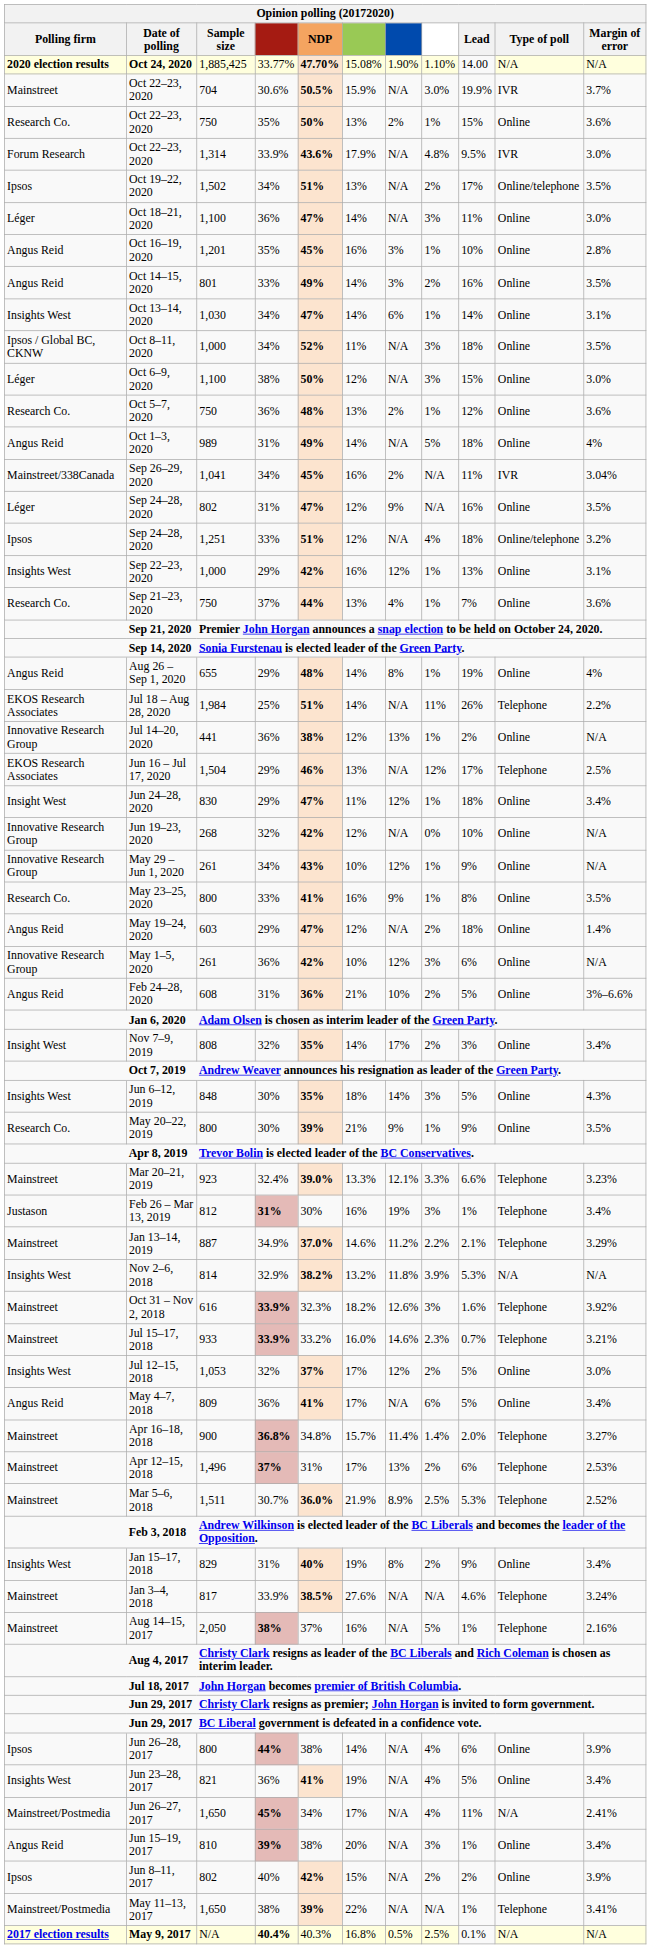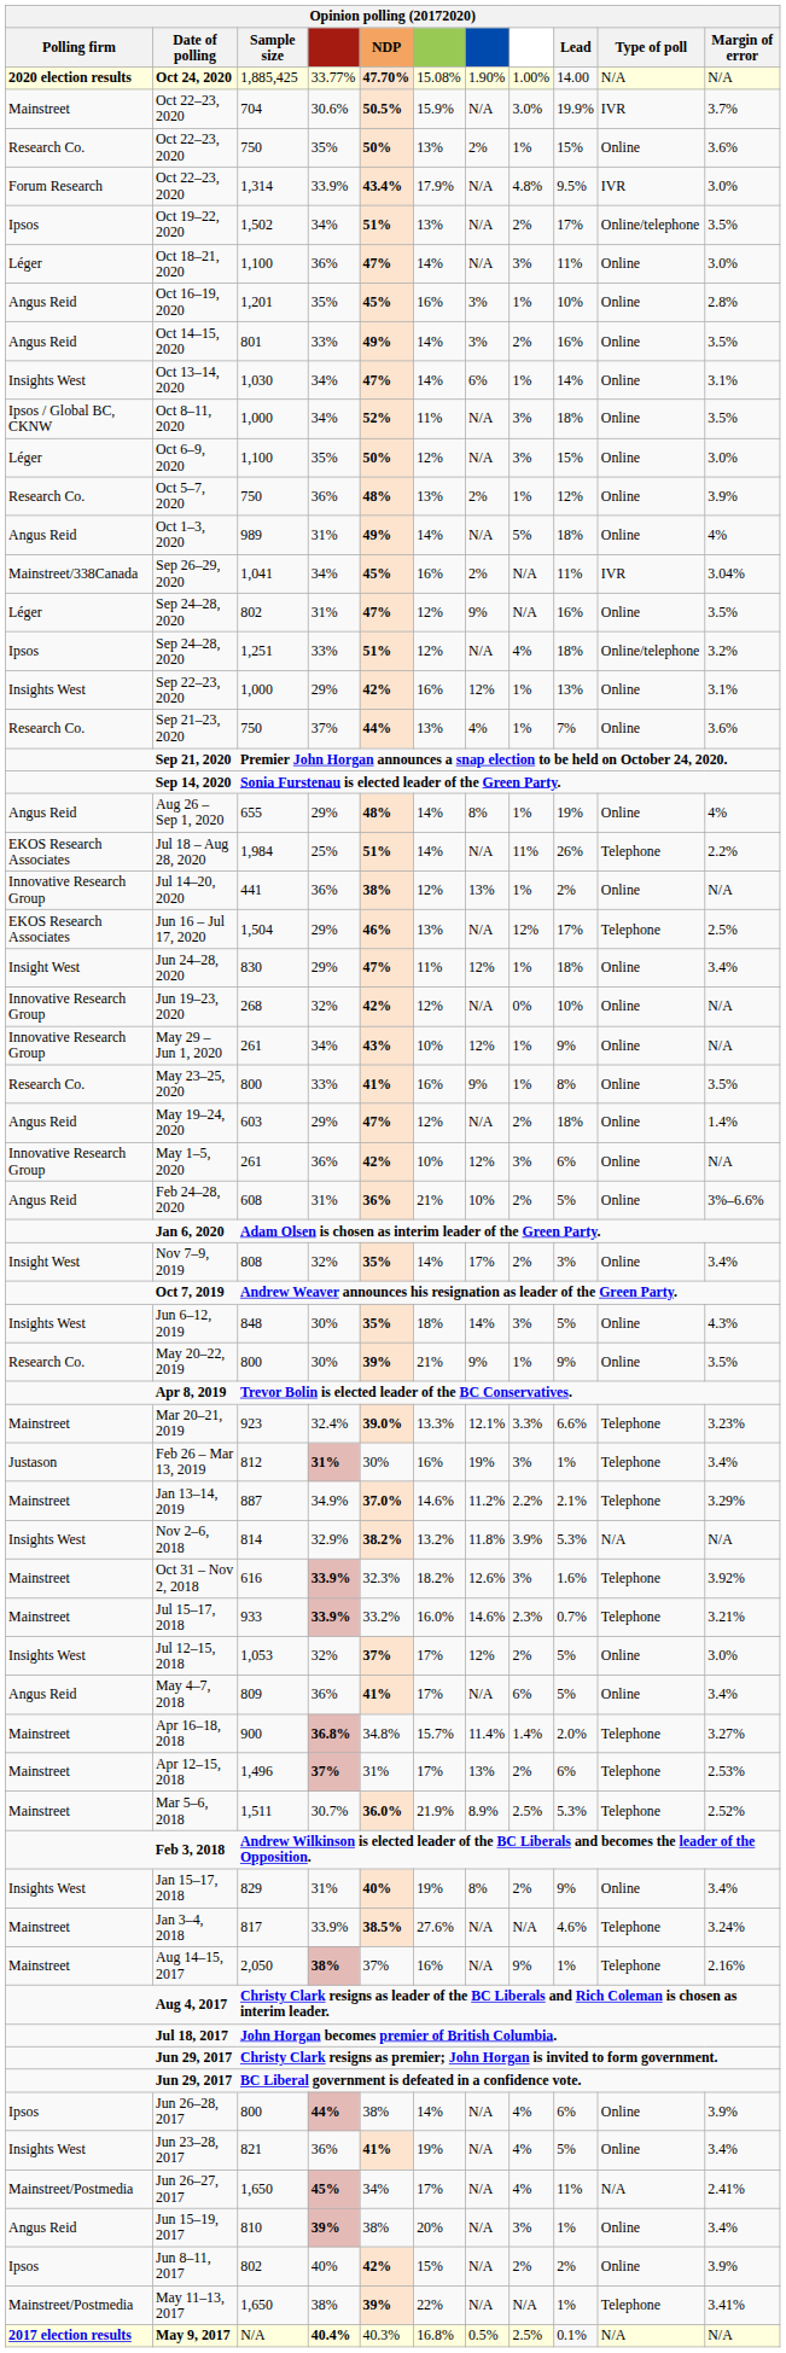 <table class="wikitable collapsible collapsed">
 <tr style="background-color:#E9E9E9">
 <th width=830px, colspan="11">Opinion polling (20172020)</th>
 </tr>
 <tr style="background-color:#E9E9E9">
 <th>Polling firm</th>
 <th>Date of polling</th>
 <th>Sample size</th>
 <th style="background: #A51B12; color: white"></th>
 <th style="background: #F4A460;">NDP</th>
 <th style="background: #99C955;"></th>
 <th style="background: #004AAD; color: white"></th>
 <th style="background: #FFFFFF;"></th>
 <th>Lead</th>
 <th>Type of poll</th>
 <th>Margin of error</th>
 </tr>
 <tr>
 <td style="background:#ffd"><strong>2020 election results</strong></td>
 <td style="background:#ffd"><strong>Oct 24, 2020</strong></td>
 <td style="background:#ffd">1,885,425</td>
 <td style="background:#ffd">33.77%</td>
 <td style="background:#fce4cf"><strong>47.70%</strong></td>
 <td style="background:#ffd">15.08%</td>
 <td style="background:#ffd">1.90%</td>
-<td style="background:#ffd">1.10%</td>
+<td style="background:#ffd">1.00%</td>
 <td style="background:">14.00</td>
 <td style="background:#ffd">N/A</td>
 <td style="background:#ffd">N/A</td>
 </tr>
 <tr>
 <td>Mainstreet</td>
 <td>Oct 22–23, 2020</td>
 <td>704</td>
 <td>30.6%</td>
 <td style="background:#fce4cf"><strong>50.5%</strong></td>
 <td>15.9%</td>
 <td>N/A</td>
 <td>3.0%</td>
 <td style="background:">19.9%</td>
 <td>IVR</td>
 <td>3.7%</td>
 </tr>
 <tr>
 <td>Research Co.</td>
 <td>Oct 22–23, 2020</td>
 <td>750</td>
 <td>35%</td>
 <td style="background:#fce4cf"><strong>50%</strong></td>
 <td>13%</td>
 <td>2%</td>
 <td>1%</td>
 <td style="background:">15%</td>
 <td>Online</td>
 <td>3.6%</td>
 </tr>
 <tr>
 <td>Forum Research</td>
 <td>Oct 22–23, 2020</td>
 <td>1,314</td>
 <td>33.9%</td>
-<td style="background:#fce4cf"><strong>43.6%</strong></td>
+<td style="background:#fce4cf"><strong>43.4%</strong></td>
 <td>17.9%</td>
 <td>N/A</td>
 <td>4.8%</td>
 <td style="background:">9.5%</td>
 <td>IVR</td>
 <td>3.0%</td>
 </tr>
 <tr>
 <td>Ipsos</td>
 <td>Oct 19–22, 2020</td>
 <td>1,502</td>
 <td>34%</td>
 <td style="background:#fce4cf"><strong>51%</strong></td>
 <td>13%</td>
 <td>N/A</td>
 <td>2%</td>
 <td style="background:">17%</td>
 <td>Online/telephone</td>
 <td>3.5%</td>
 </tr>
 <tr>
 <td>Léger</td>
 <td>Oct 18–21, 2020</td>
 <td>1,100</td>
 <td>36%</td>
 <td style="background:#fce4cf"><strong>47%</strong></td>
 <td>14%</td>
 <td>N/A</td>
 <td>3%</td>
 <td style="background:">11%</td>
 <td>Online</td>
 <td>3.0%</td>
 </tr>
 <tr>
 <td>Angus Reid</td>
 <td>Oct 16–19, 2020</td>
 <td>1,201</td>
 <td>35%</td>
 <td style="background:#fce4cf"><strong>45%</strong></td>
 <td>16%</td>
 <td>3%</td>
 <td>1%</td>
 <td style="background:">10%</td>
 <td>Online</td>
 <td>2.8%</td>
 </tr>
 <tr>
 <td>Angus Reid</td>
 <td>Oct 14–15, 2020</td>
 <td>801</td>
 <td>33%</td>
 <td style="background:#fce4cf"><strong>49%</strong></td>
 <td>14%</td>
 <td>3%</td>
 <td>2%</td>
 <td style="background:">16%</td>
 <td>Online</td>
 <td>3.5%</td>
 </tr>
 <tr>
 <td>Insights West</td>
 <td>Oct 13–14, 2020</td>
 <td>1,030</td>
 <td>34%</td>
 <td style="background:#fce4cf"><strong>47%</strong></td>
 <td>14%</td>
 <td>6%</td>
 <td>1%</td>
 <td style="background:">14%</td>
 <td>Online</td>
 <td>3.1%</td>
 </tr>
 <tr>
 <td>Ipsos / Global BC, CKNW</td>
 <td>Oct 8–11, 2020</td>
 <td>1,000</td>
 <td>34%</td>
 <td style="background:#fce4cf"><strong>52%</strong></td>
 <td>11%</td>
 <td>N/A</td>
 <td>3%</td>
 <td style="background:">18%</td>
 <td>Online</td>
 <td>3.5%</td>
 </tr>
 <tr>
 <td>Léger</td>
 <td>Oct 6–9, 2020</td>
 <td>1,100</td>
-<td>38%</td>
+<td>35%</td>
 <td style="background:#fce4cf"><strong>50%</strong></td>
 <td>12%</td>
 <td>N/A</td>
 <td>3%</td>
 <td style="background:">15%</td>
 <td>Online</td>
 <td>3.0%</td>
 </tr>
 <tr>
 <td>Research Co.</td>
 <td>Oct 5–7, 2020</td>
 <td>750</td>
 <td>36%</td>
 <td style="background:#fce4cf"><strong>48%</strong></td>
 <td>13%</td>
 <td>2%</td>
 <td>1%</td>
 <td style="background:">12%</td>
 <td>Online</td>
-<td>3.6%</td>
+<td>3.9%</td>
 </tr>
 <tr>
 <td>Angus Reid</td>
 <td>Oct 1–3, 2020</td>
 <td>989</td>
 <td>31%</td>
 <td style="background:#fce4cf"><strong>49%</strong></td>
 <td>14%</td>
 <td>N/A</td>
 <td>5%</td>
 <td style="background:">18%</td>
 <td>Online</td>
 <td>4%</td>
 </tr>
 <tr>
 <td>Mainstreet/338Canada</td>
 <td>Sep 26–29, 2020</td>
 <td>1,041</td>
 <td>34%</td>
 <td style="background:#fce4cf"><strong>45%</strong></td>
 <td>16%</td>
 <td>2%</td>
 <td>N/A</td>
 <td style="background:">11%</td>
 <td>IVR</td>
 <td>3.04%</td>
 </tr>
 <tr>
 <td>Léger</td>
 <td>Sep 24–28, 2020</td>
 <td>802</td>
 <td>31%</td>
 <td style="background:#fce4cf"><strong>47%</strong></td>
 <td>12%</td>
 <td>9%</td>
 <td>N/A</td>
 <td style="background:">16%</td>
 <td>Online</td>
 <td>3.5%</td>
 </tr>
 <tr>
 <td>Ipsos</td>
 <td>Sep 24–28, 2020</td>
 <td>1,251</td>
 <td>33%</td>
 <td style="background:#fce4cf"><strong>51%</strong></td>
 <td>12%</td>
 <td>N/A</td>
 <td>4%</td>
 <td style="background:">18%</td>
 <td>Online/telephone</td>
 <td>3.2%</td>
 </tr>
 <tr>
 <td>Insights West</td>
 <td>Sep 22–23, 2020</td>
 <td>1,000</td>
 <td>29%</td>
 <td style="background:#fce4cf"><strong>42%</strong></td>
 <td>16%</td>
 <td>12%</td>
 <td>1%</td>
 <td style="background:">13%</td>
 <td>Online</td>
 <td>3.1%</td>
 </tr>
 <tr>
 <td>Research Co.</td>
 <td>Sep 21–23, 2020</td>
 <td>750</td>
 <td>37%</td>
 <td style="background:#fce4cf"><strong>44%</strong></td>
 <td>13%</td>
 <td>4%</td>
 <td>1%</td>
 <td style="background:">7%</td>
 <td>Online</td>
 <td>3.6%</td>
 </tr>
 <tr>
 <td style="border-right-style:hidden;"></td>
 <td style="border-right-style:hidden;"><strong>Sep 21, 2020</strong></td>
 <td colspan="9"><strong>Premier <a href='#'>John Horgan</a> announces a <a href='#'>snap election</a> to be held on October 24, 2020.</strong></td>
 </tr>
 <tr>
 <td style="border-right-style:hidden;"></td>
 <td style="border-right-style:hidden;"><strong>Sep 14, 2020</strong></td>
 <td colspan="9"><strong><a href='#'>Sonia Furstenau</a> is elected leader of the <a href='#'>Green Party</a>.</strong></td>
 </tr>
 <tr>
 <td>Angus Reid</td>
 <td>Aug 26 – Sep 1, 2020</td>
 <td>655</td>
 <td>29%</td>
 <td style="background:#fce4cf"><strong>48%</strong></td>
 <td>14%</td>
 <td>8%</td>
 <td>1%</td>
 <td style="background:">19%</td>
 <td>Online</td>
 <td>4%</td>
 </tr>
 <tr>
 <td>EKOS Research Associates</td>
 <td>Jul 18 – Aug 28, 2020</td>
 <td>1,984</td>
 <td>25%</td>
 <td style="background:#fce4cf"><strong>51%</strong></td>
 <td>14%</td>
 <td>N/A</td>
 <td>11%</td>
 <td style="background:">26%</td>
 <td>Telephone</td>
 <td>2.2%</td>
 </tr>
 <tr>
 <td>Innovative Research Group</td>
 <td>Jul 14–20, 2020</td>
 <td>441</td>
 <td>36%</td>
 <td style="background:#fce4cf"><strong>38%</strong></td>
 <td>12%</td>
 <td>13%</td>
 <td>1%</td>
 <td style="background:">2%</td>
 <td>Online</td>
 <td>N/A</td>
 </tr>
 <tr>
 <td>EKOS Research Associates</td>
 <td>Jun 16 – Jul 17, 2020</td>
 <td>1,504</td>
 <td>29%</td>
 <td style="background:#fce4cf"><strong>46%</strong></td>
 <td>13%</td>
 <td>N/A</td>
 <td>12%</td>
 <td style="background:">17%</td>
 <td>Telephone</td>
 <td>2.5%</td>
 </tr>
 <tr>
 <td>Insight West</td>
 <td>Jun 24–28, 2020</td>
 <td>830</td>
 <td>29%</td>
 <td style="background:#fce4cf"><strong>47%</strong></td>
 <td>11%</td>
 <td>12%</td>
 <td>1%</td>
 <td style="background:">18%</td>
 <td>Online</td>
 <td>3.4%</td>
 </tr>
 <tr>
 <td>Innovative Research Group</td>
 <td>Jun 19–23, 2020</td>
 <td>268</td>
 <td>32%</td>
 <td style="background:#fce4cf"><strong>42%</strong></td>
 <td>12%</td>
 <td>N/A</td>
 <td>0%</td>
 <td style="background:">10%</td>
 <td>Online</td>
 <td>N/A</td>
 </tr>
 <tr>
 <td>Innovative Research Group</td>
 <td>May 29 – Jun 1, 2020</td>
 <td>261</td>
 <td>34%</td>
 <td style="background:#fce4cf"><strong>43%</strong></td>
 <td>10%</td>
 <td>12%</td>
 <td>1%</td>
 <td style="background:">9%</td>
 <td>Online</td>
 <td>N/A</td>
 </tr>
 <tr>
 <td>Research Co.</td>
 <td>May 23–25, 2020</td>
 <td>800</td>
 <td>33%</td>
 <td style="background:#fce4cf"><strong>41%</strong></td>
 <td>16%</td>
 <td>9%</td>
 <td>1%</td>
 <td style="background:">8%</td>
 <td>Online</td>
 <td>3.5%</td>
 </tr>
 <tr>
 <td>Angus Reid</td>
 <td>May 19–24, 2020</td>
 <td>603</td>
 <td>29%</td>
 <td style="background:#fce4cf"><strong>47%</strong></td>
 <td>12%</td>
 <td>N/A</td>
 <td>2%</td>
 <td style="background:">18%</td>
 <td>Online</td>
 <td>1.4%</td>
 </tr>
 <tr>
 <td>Innovative Research Group</td>
 <td>May 1–5, 2020</td>
 <td>261</td>
 <td>36%</td>
 <td style="background:#fce4cf"><strong>42%</strong></td>
 <td>10%</td>
 <td>12%</td>
 <td>3%</td>
 <td style="background:">6%</td>
 <td>Online</td>
 <td>N/A</td>
 </tr>
 <tr>
 <td>Angus Reid</td>
 <td>Feb 24–28, 2020</td>
 <td>608</td>
 <td>31%</td>
 <td style="background:#fce4cf"><strong>36%</strong></td>
 <td>21%</td>
 <td>10%</td>
 <td>2%</td>
 <td style="background:">5%</td>
 <td>Online</td>
 <td>3%–6.6%</td>
 </tr>
 <tr>
 <td style="border-right-style:hidden;"></td>
 <td style="border-right-style:hidden;"><strong>Jan 6, 2020</strong></td>
 <td colspan="9"><strong><a href='#'>Adam Olsen</a> is chosen as interim leader of the <a href='#'>Green Party</a>.</strong></td>
 </tr>
 <tr>
 <td>Insight West</td>
 <td>Nov 7–9, 2019</td>
 <td>808</td>
 <td>32%</td>
 <td style="background:#fce4cf"><strong>35%</strong></td>
 <td>14%</td>
 <td>17%</td>
 <td>2%</td>
 <td style="background:">3%</td>
 <td>Online</td>
 <td>3.4%</td>
 </tr>
 <tr>
 <td style="border-right-style:hidden;"></td>
 <td style="border-right-style:hidden;"><strong>Oct 7, 2019</strong></td>
 <td colspan="9"><strong><a href='#'>Andrew Weaver</a> announces his resignation as leader of the <a href='#'>Green Party</a>.</strong></td>
 </tr>
 <tr>
 <td>Insights West</td>
 <td>Jun 6–12, 2019</td>
 <td>848</td>
 <td>30%</td>
 <td style="background:#fce4cf"><strong>35%</strong></td>
 <td>18%</td>
 <td>14%</td>
 <td>3%</td>
 <td style="background:">5%</td>
 <td>Online</td>
 <td>4.3%</td>
 </tr>
 <tr>
 <td>Research Co.</td>
 <td>May 20–22, 2019</td>
 <td>800</td>
 <td>30%</td>
 <td style="background:#fce4cf"><strong>39%</strong></td>
 <td>21%</td>
 <td>9%</td>
 <td>1%</td>
 <td style="background:">9%</td>
 <td>Online</td>
 <td>3.5%</td>
 </tr>
 <tr>
 <td style="border-right-style:hidden;"></td>
 <td style="border-right-style:hidden;"><strong>Apr 8, 2019</strong></td>
 <td colspan="9"><strong><a href='#'>Trevor Bolin</a> is elected leader of the <a href='#'>BC Conservatives</a>.</strong></td>
 </tr>
 <tr>
 <td>Mainstreet</td>
 <td>Mar 20–21, 2019</td>
 <td>923</td>
 <td>32.4%</td>
 <td style="background:#fce4cf"><strong>39.0%</strong></td>
 <td>13.3%</td>
 <td>12.1%</td>
 <td>3.3%</td>
 <td style="background:">6.6%</td>
 <td>Telephone</td>
 <td>3.23%</td>
 </tr>
 <tr>
 <td>Justason</td>
 <td>Feb 26 – Mar 13, 2019</td>
 <td>812</td>
 <td style="background:#e4bab7"><strong>31%</strong></td>
 <td>30%</td>
 <td>16%</td>
 <td>19%</td>
 <td>3%</td>
 <td style="background:">1%</td>
 <td>Telephone</td>
 <td>3.4%</td>
 </tr>
 <tr>
 <td>Mainstreet</td>
 <td>Jan 13–14, 2019</td>
 <td>887</td>
 <td>34.9%</td>
 <td style="background:#fce4cf"><strong>37.0%</strong></td>
 <td>14.6%</td>
 <td>11.2%</td>
 <td>2.2%</td>
 <td style="background:">2.1%</td>
 <td>Telephone</td>
 <td>3.29%</td>
 </tr>
 <tr>
 <td>Insights West</td>
 <td>Nov 2–6, 2018</td>
 <td>814</td>
 <td>32.9%</td>
 <td style="background:#fce4cf"><strong>38.2%</strong></td>
 <td>13.2%</td>
 <td>11.8%</td>
 <td>3.9%</td>
 <td style="background:">5.3%</td>
 <td>N/A</td>
 <td>N/A</td>
 </tr>
 <tr>
 <td>Mainstreet</td>
 <td>Oct 31 – Nov 2, 2018</td>
 <td>616</td>
 <td style="background:#e4bab7"><strong>33.9%</strong></td>
 <td>32.3%</td>
 <td>18.2%</td>
 <td>12.6%</td>
 <td>3%</td>
 <td style="background:">1.6%</td>
 <td>Telephone</td>
 <td>3.92%</td>
 </tr>
 <tr>
 <td>Mainstreet</td>
 <td>Jul 15–17, 2018</td>
 <td>933</td>
 <td style="background:#e4bab7"><strong>33.9%</strong></td>
 <td>33.2%</td>
 <td>16.0%</td>
 <td>14.6%</td>
 <td>2.3%</td>
 <td style="background:">0.7%</td>
 <td>Telephone</td>
 <td>3.21%</td>
 </tr>
 <tr>
 <td>Insights West</td>
 <td>Jul 12–15, 2018</td>
 <td>1,053</td>
 <td>32%</td>
 <td style="background:#fce4cf"><strong>37%</strong></td>
 <td>17%</td>
 <td>12%</td>
 <td>2%</td>
 <td style="background:">5%</td>
 <td>Online</td>
 <td>3.0%</td>
 </tr>
 <tr>
 <td>Angus Reid</td>
 <td>May 4–7, 2018</td>
 <td>809</td>
 <td>36%</td>
 <td style="background:#fce4cf"><strong>41%</strong></td>
 <td>17%</td>
 <td>N/A</td>
 <td>6%</td>
 <td style="background:">5%</td>
 <td>Online</td>
 <td>3.4%</td>
 </tr>
 <tr>
 <td>Mainstreet</td>
 <td>Apr 16–18, 2018</td>
 <td>900</td>
 <td style="background:#e4bab7"><strong>36.8%</strong></td>
 <td>34.8%</td>
 <td>15.7%</td>
 <td>11.4%</td>
 <td>1.4%</td>
 <td style="background:">2.0%</td>
 <td>Telephone</td>
 <td>3.27%</td>
 </tr>
 <tr>
 <td>Mainstreet</td>
 <td>Apr 12–15, 2018</td>
 <td>1,496</td>
 <td style="background:#e4bab7"><strong>37%</strong></td>
 <td>31%</td>
 <td>17%</td>
 <td>13%</td>
 <td>2%</td>
 <td style="background:">6%</td>
 <td>Telephone</td>
 <td>2.53%</td>
 </tr>
 <tr>
 <td>Mainstreet</td>
 <td>Mar 5–6, 2018</td>
 <td>1,511</td>
 <td>30.7%</td>
 <td style="background:#fce4cf"><strong>36.0%</strong></td>
 <td>21.9%</td>
 <td>8.9%</td>
 <td>2.5%</td>
 <td style="background:">5.3%</td>
 <td>Telephone</td>
 <td>2.52%</td>
 </tr>
 <tr>
 <td style="border-right-style:hidden;"></td>
 <td style="border-right-style:hidden;"><strong>Feb 3, 2018</strong></td>
 <td colspan="9"><strong><a href='#'>Andrew Wilkinson</a> is elected leader of the <a href='#'>BC Liberals</a> and becomes the <a href='#'>leader of the Opposition</a>.</strong></td>
 </tr>
 <tr>
 <td>Insights West</td>
 <td>Jan 15–17, 2018</td>
 <td>829</td>
 <td>31%</td>
 <td style="background:#fce4cf"><strong>40%</strong></td>
 <td>19%</td>
 <td>8%</td>
 <td>2%</td>
 <td style="background:">9%</td>
 <td>Online</td>
 <td>3.4%</td>
 </tr>
 <tr>
 <td>Mainstreet</td>
 <td>Jan 3–4, 2018</td>
 <td>817</td>
 <td>33.9%</td>
 <td style="background:#fce4cf"><strong>38.5%</strong></td>
 <td>27.6%</td>
 <td>N/A</td>
 <td>N/A</td>
 <td style="background:">4.6%</td>
 <td>Telephone</td>
 <td>3.24%</td>
 </tr>
 <tr>
 <td>Mainstreet</td>
 <td>Aug 14–15, 2017</td>
 <td>2,050</td>
 <td style="background:#e4bab7"><strong>38%</strong></td>
 <td>37%</td>
 <td>16%</td>
 <td>N/A</td>
-<td>5%</td>
+<td>9%</td>
 <td style="background:">1%</td>
 <td>Telephone</td>
 <td>2.16%</td>
 </tr>
 <tr>
 <td style="border-right-style:hidden;"></td>
 <td style="border-right-style:hidden;"><strong>Aug 4, 2017</strong></td>
 <td colspan="9"><strong><a href='#'>Christy Clark</a> resigns as leader of the <a href='#'>BC Liberals</a> and <a href='#'>Rich Coleman</a> is chosen as interim leader.</strong></td>
 </tr>
 <tr>
 <td style="border-right-style:hidden;"></td>
 <td style="border-right-style:hidden;"><strong>Jul 18, 2017</strong></td>
 <td colspan="9"><strong><a href='#'>John Horgan</a> becomes <a href='#'>premier of British Columbia</a>.</strong></td>
 </tr>
 <tr>
 <td style="border-right-style:hidden;"></td>
 <td style="border-right-style:hidden;"><strong>Jun 29, 2017</strong></td>
 <td colspan="9"><strong><a href='#'>Christy Clark</a> resigns as premier; <a href='#'>John Horgan</a> is invited to form government.</strong></td>
 </tr>
 <tr>
 <td style="border-right-style:hidden;"></td>
 <td style="border-right-style:hidden;"><strong>Jun 29, 2017</strong></td>
 <td colspan="9"><strong><a href='#'>BC Liberal</a> government is defeated in a confidence vote.</strong></td>
 </tr>
 <tr>
 <td>Ipsos</td>
 <td>Jun 26–28, 2017</td>
 <td>800</td>
 <td style="background:#e4bab7"><strong>44%</strong></td>
 <td>38%</td>
 <td>14%</td>
 <td>N/A</td>
 <td>4%</td>
 <td style="background:">6%</td>
 <td>Online</td>
 <td>3.9%</td>
 </tr>
 <tr>
 <td>Insights West</td>
 <td>Jun 23–28, 2017</td>
 <td>821</td>
 <td>36%</td>
 <td style="background:#fce4cf"><strong>41%</strong></td>
 <td>19%</td>
 <td>N/A</td>
 <td>4%</td>
 <td style="background:">5%</td>
 <td>Online</td>
 <td>3.4%</td>
 </tr>
 <tr>
 <td>Mainstreet/Postmedia</td>
 <td>Jun 26–27, 2017</td>
 <td>1,650</td>
 <td style="background:#e4bab7"><strong>45%</strong></td>
 <td>34%</td>
 <td>17%</td>
 <td>N/A</td>
 <td>4%</td>
 <td style="background:">11%</td>
 <td>N/A</td>
 <td>2.41%</td>
 </tr>
 <tr>
 <td>Angus Reid</td>
 <td>Jun 15–19, 2017</td>
 <td>810</td>
 <td style="background:#e4bab7"><strong>39%</strong></td>
 <td>38%</td>
 <td>20%</td>
 <td>N/A</td>
 <td>3%</td>
 <td style="background:">1%</td>
 <td>Online</td>
 <td>3.4%</td>
 </tr>
 <tr>
 <td>Ipsos</td>
 <td>Jun 8–11, 2017</td>
 <td>802</td>
 <td>40%</td>
 <td style="background:#fce4cf"><strong>42%</strong></td>
 <td>15%</td>
 <td>N/A</td>
 <td>2%</td>
 <td style="background:">2%</td>
 <td>Online</td>
 <td>3.9%</td>
 </tr>
 <tr>
 <td>Mainstreet/Postmedia</td>
 <td>May 11–13, 2017</td>
 <td>1,650</td>
 <td>38%</td>
 <td style="background:#fce4cf"><strong>39%</strong></td>
 <td>22%</td>
 <td>N/A</td>
 <td>N/A</td>
 <td style="background:">1%</td>
 <td>Telephone</td>
 <td>3.41%</td>
 </tr>
 <tr>
 <td style="background:#ffd"><strong><a href='#'>2017 election results</a></strong></td>
 <td style="background:#ffd"><strong>May 9, 2017</strong></td>
 <td style="background:#ffd">N/A</td>
 <td style="background:#ffd"><strong>40.4%</strong></td>
 <td style="background:#ffd">40.3%</td>
 <td style="background:#ffd">16.8%</td>
 <td style="background:#ffd">0.5%</td>
 <td style="background:#ffd">2.5%</td>
 <td style="background:">0.1%</td>
 <td style="background:#ffd">N/A</td>
 <td style="background:#ffd">N/A</td>
 </tr>
 </table>
